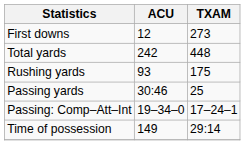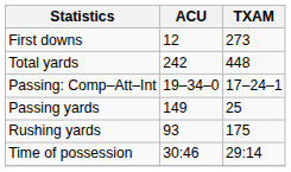 <table class="wikitable" style="float: left;">
 <tr>
 <th>Statistics</th>
 <th>ACU</th>
 <th>TXAM</th>
 </tr>
 <tr>
 <td>First downs</td>
 <td>12</td>
 <td>273</td>
 </tr>
 <tr>
 <td>Total yards</td>
 <td>242</td>
 <td>448</td>
 </tr>
 <tr>
+<td>Passing: Comp–Att–Int</td>
+<td>19–34–0</td>
+<td>17–24–1</td>
+</tr>
+<tr>
+<td>Passing yards</td>
+<td>149</td>
+<td>25</td>
+</tr>
+<tr>
 <td>Rushing yards</td>
 <td>93</td>
 <td>175</td>
 </tr>
 <tr>
-<td>Passing yards</td>
+<td>Time of possession</td>
 <td>30:46</td>
-<td>25</td>
-</tr>
-<tr>
-<td>Passing: Comp–Att–Int</td>
-<td>19–34–0</td>
-<td>17–24–1</td>
-</tr>
-<tr>
-<td>Time of possession</td>
-<td>149</td>
 <td>29:14</td>
 </tr>
 <tr>
 </tr>
 </table>
